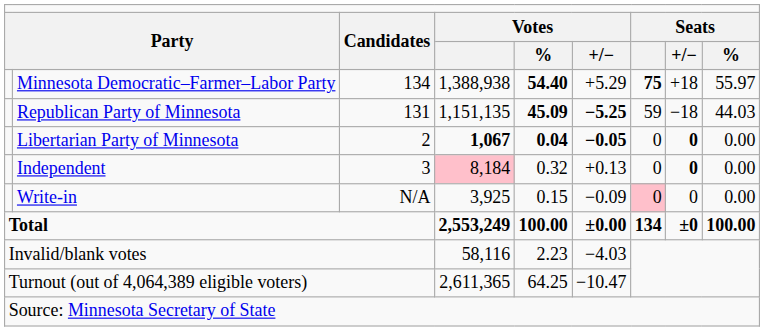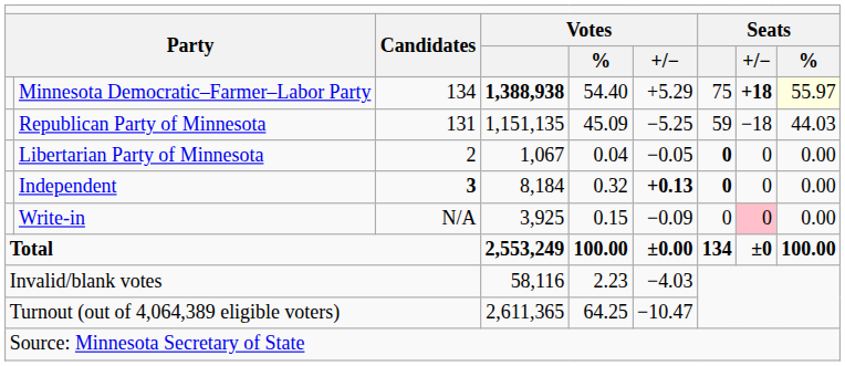 <table class="wikitable">
 <tr>
 <td colspan="9"></td>
 </tr>
 <tr>
 <th colspan="2" rowspan="2">Party</th>
 <th rowspan="2">Candidates</th>
 <th colspan="3">Votes</th>
 <th colspan="3">Seats</th>
 </tr>
 <tr>
 <th></th>
 <th>%</th>
 <th>+/−</th>
 <th></th>
 <th>+/−</th>
 <th>%</th>
 </tr>
 <tr>
 <td style="background-color:"></td>
 <td><a href='#'>Minnesota Democratic–Farmer–Labor Party</a></td>
 <td align="right">134</td>
-<td align="right">1,388,938</td>
-<td align="right"><strong>54.40</strong></td>
+<td align="right"><strong>1,388,938</strong></td>
+<td align="right">54.40</td>
 <td align="right">+5.29</td>
-<td align="right"><strong>75</strong></td>
-<td align="right">+18</td>
-<td align="right">55.97</td>
+<td align="right">75</td>
+<td align="right"><strong>+18</strong></td>
+<td align="right" style="background: lightyellow;">55.97</td>
 </tr>
 <tr>
 <td style="background-color:"></td>
 <td><a href='#'>Republican Party of Minnesota</a></td>
 <td align="right">131</td>
 <td align="right">1,151,135</td>
-<td align="right"><strong>45.09</strong></td>
-<td align="right"><strong>−5.25</strong></td>
+<td align="right">45.09</td>
+<td align="right">−5.25</td>
 <td align="right">59</td>
 <td align="right">−18</td>
 <td align="right">44.03</td>
 </tr>
 <tr>
 <td style="background-color:"></td>
 <td><a href='#'>Libertarian Party of Minnesota</a></td>
 <td align="right">2</td>
-<td align="right"><strong>1,067</strong></td>
-<td align="right"><strong>0.04</strong></td>
-<td align="right"><strong>−0.05</strong></td>
+<td align="right">1,067</td>
+<td align="right">0.04</td>
+<td align="right">−0.05</td>
+<td align="right"><strong>0</strong></td>
 <td align="right">0</td>
-<td align="right"><strong>0</strong></td>
 <td align="right">0.00</td>
 </tr>
 <tr>
 <td style="background-color:"></td>
 <td><a href='#'>Independent</a></td>
-<td align="right">3</td>
-<td align="right" style="background: pink;">8,184</td>
+<td align="right"><strong>3</strong></td>
+<td align="right">8,184</td>
 <td align="right">0.32</td>
-<td align="right">+0.13</td>
+<td align="right"><strong>+0.13</strong></td>
+<td align="right"><strong>0</strong></td>
 <td align="right">0</td>
-<td align="right"><strong>0</strong></td>
 <td align="right">0.00</td>
 </tr>
 <tr>
 <td style="background-color:"></td>
 <td><a href='#'>Write-in</a></td>
 <td align="right">N/A</td>
 <td align="right">3,925</td>
 <td align="right">0.15</td>
 <td align="right">−0.09</td>
+<td align="right">0</td>
 <td align="right" style="background: pink;">0</td>
-<td align="right">0</td>
 <td align="right">0.00</td>
 </tr>
 <tr>
 <td colspan="3"><strong>Total</strong></td>
 <td align="right"><strong>2,553,249</strong></td>
 <td align="right"><strong>100.00</strong></td>
 <td align="right"><strong>±0.00</strong></td>
 <td align="right"><strong>134</strong></td>
 <td align="right"><strong>±0</strong></td>
 <td align="right"><strong>100.00</strong></td>
 </tr>
 <tr>
 <td colspan="3">Invalid/blank votes</td>
 <td align="right">58,116</td>
 <td align="right">2.23</td>
 <td align="right">−4.03</td>
 <td colspan="3" rowspan="2"></td>
 </tr>
 <tr>
 <td colspan="3">Turnout (out of 4,064,389 eligible voters)</td>
 <td align="right">2,611,365</td>
 <td align="right">64.25</td>
 <td align="right">−10.47</td>
 </tr>
 <tr>
 <td colspan="9">Source: <a href='#'>Minnesota Secretary of State</a></td>
 </tr>
 </table>
